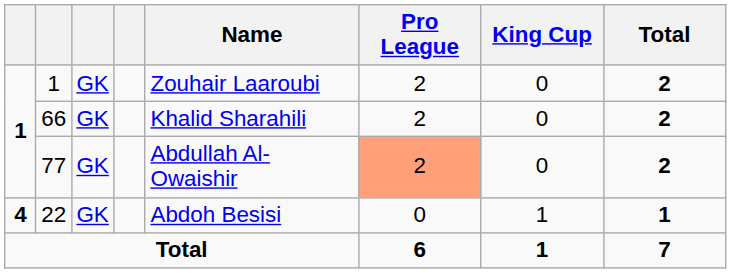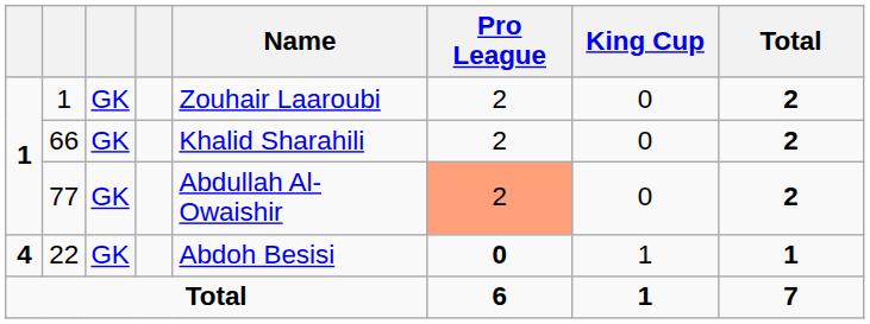 <table class="wikitable" style="text-align:center">
 <tr>
 <th width=15></th>
 <th width=15></th>
 <th width=15></th>
 <th width=15></th>
 <th width=145>Name</th>
 <th width=80><a href='#'>Pro League</a></th>
 <th width=80><a href='#'>King Cup</a></th>
 <th width=80>Total</th>
 </tr>
 <tr>
 <td rowspan=3><strong>1</strong></td>
 <td>1</td>
 <td><a href='#'>GK</a></td>
 <td></td>
 <td align=left><a href='#'>Zouhair Laaroubi</a></td>
 <td>2</td>
 <td>0</td>
 <td><strong>2</strong></td>
 </tr>
 <tr>
 <td>66</td>
 <td><a href='#'>GK</a></td>
 <td></td>
 <td align=left><a href='#'>Khalid Sharahili</a></td>
 <td>2</td>
 <td>0</td>
 <td><strong>2</strong></td>
 </tr>
 <tr>
 <td>77</td>
 <td><a href='#'>GK</a></td>
 <td></td>
 <td align=left><a href='#'>Abdullah Al-Owaishir</a></td>
 <td style="background: lightsalmon;">2</td>
 <td>0</td>
 <td><strong>2</strong></td>
 </tr>
 <tr>
 <td><strong>4</strong></td>
 <td>22</td>
 <td><a href='#'>GK</a></td>
 <td></td>
 <td align=left><a href='#'>Abdoh Besisi</a></td>
-<td>0</td>
+<td><strong>0</strong></td>
 <td>1</td>
 <td><strong>1</strong></td>
 </tr>
 <tr>
 <td colspan=5><strong>Total</strong></td>
 <td><strong>6</strong></td>
 <td><strong>1</strong></td>
 <td><strong>7</strong></td>
 </tr>
 </table>
